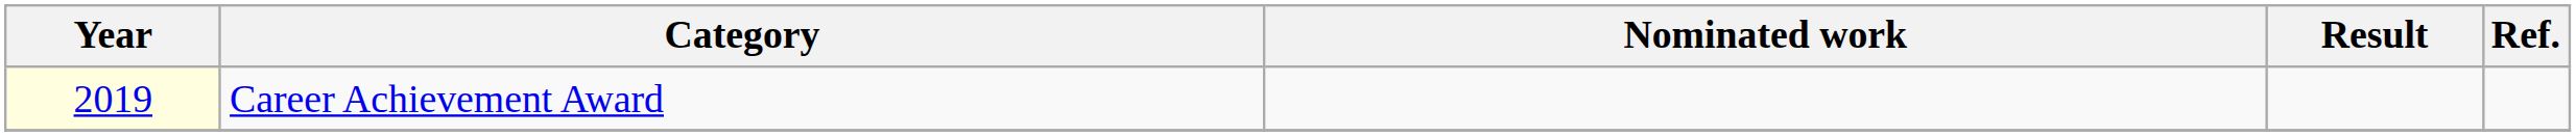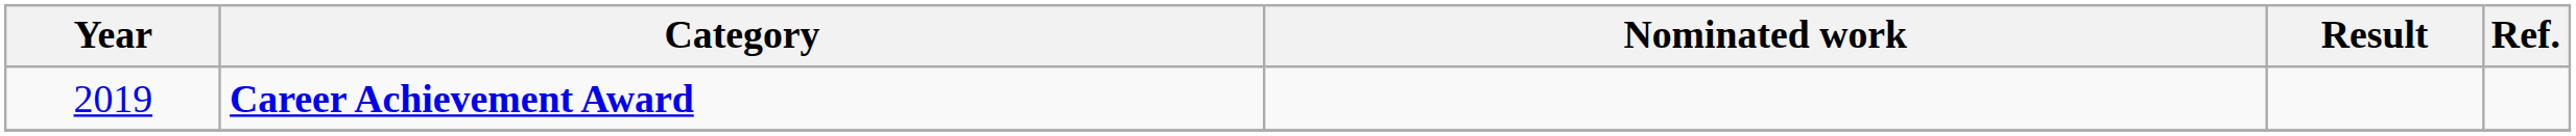 <table class=wikitable>
 <tr>
 <th scope="col" style="width:5em;">Year</th>
 <th scope="col" style="width:26em;">Category</th>
 <th scope="col" style="width:25em;">Nominated work</th>
 <th scope="col" style="width:5em;">Result</th>
 <th>Ref.</th>
 </tr>
 <tr>
-<td style="background: lightyellow; text-align:center;"><a href='#'>2019</a></td>
-<td><a href='#'>Career Achievement Award</a></td>
+<td style="text-align:center;"><a href='#'>2019</a></td>
+<td><strong><a href='#'>Career Achievement Award</a></strong></td>
 <td></td>
 <td></td>
 <td align="center"></td>
 </tr>
 <tr>
 </tr>
 </table>
